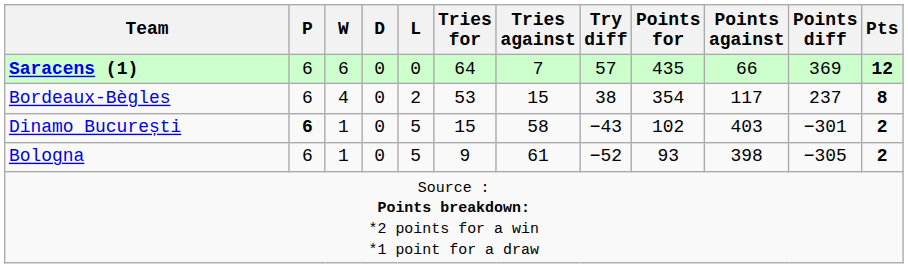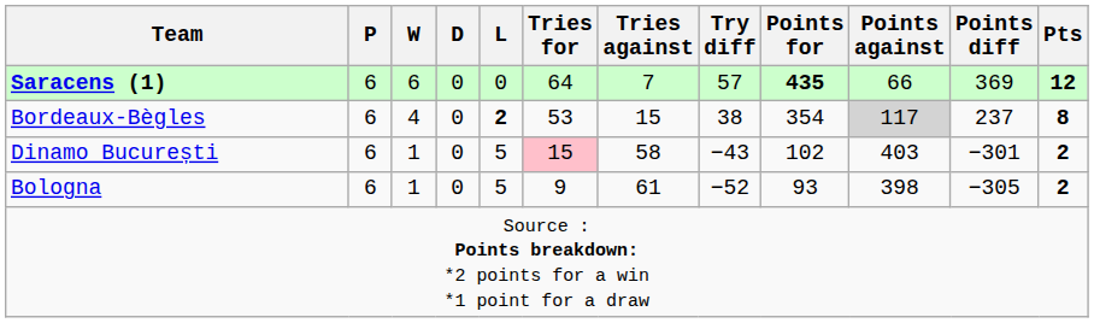 <table class="wikitable" style="text-align: center;">
 <tr>
 <th width="200">Team</th>
 <th width="20">P</th>
 <th width="20">W</th>
 <th width="20">D</th>
 <th width="20">L</th>
 <th width="20">Tries for</th>
 <th width="20">Tries against</th>
 <th width="20">Try diff</th>
 <th width="20">Points for</th>
 <th width="20">Points against</th>
 <th width="25">Points diff</th>
 <th width="20">Pts</th>
 </tr>
 <tr bgcolor="#ccffcc">
 <td align="left"> <strong><a href='#'>Saracens</a> (1)</strong></td>
 <td>6</td>
 <td>6</td>
 <td>0</td>
 <td>0</td>
 <td>64</td>
 <td>7</td>
 <td>57</td>
-<td>435</td>
+<td><strong>435</strong></td>
 <td>66</td>
 <td>369</td>
 <td><strong>12</strong></td>
 </tr>
 <tr>
 <td align="left"> <a href='#'>Bordeaux-Bègles</a></td>
 <td>6</td>
 <td>4</td>
 <td>0</td>
-<td>2</td>
+<td><strong>2</strong></td>
 <td>53</td>
 <td>15</td>
 <td>38</td>
 <td>354</td>
-<td>117</td>
+<td style="background: lightgrey;">117</td>
 <td>237</td>
 <td><strong>8</strong></td>
 </tr>
 <tr>
 <td align="left"> <a href='#'>Dinamo București</a></td>
-<td><strong>6</strong></td>
+<td>6</td>
 <td>1</td>
 <td>0</td>
 <td>5</td>
-<td>15</td>
+<td style="background: pink;">15</td>
 <td>58</td>
 <td>−43</td>
 <td>102</td>
 <td>403</td>
 <td>−301</td>
 <td><strong>2</strong></td>
 </tr>
 <tr>
 <td align="left"> <a href='#'>Bologna</a></td>
 <td>6</td>
 <td>1</td>
 <td>0</td>
 <td>5</td>
 <td>9</td>
 <td>61</td>
 <td>−52</td>
 <td>93</td>
 <td>398</td>
 <td>−305</td>
 <td><strong>2</strong></td>
 </tr>
 <tr |align=left|>
 <td colspan="14" style="border:0px"><small>Source :  <br><strong>Points breakdown:</strong><br>*2 points for a win<br>*1 point for a draw</small></td>
 </tr>
 </table>
